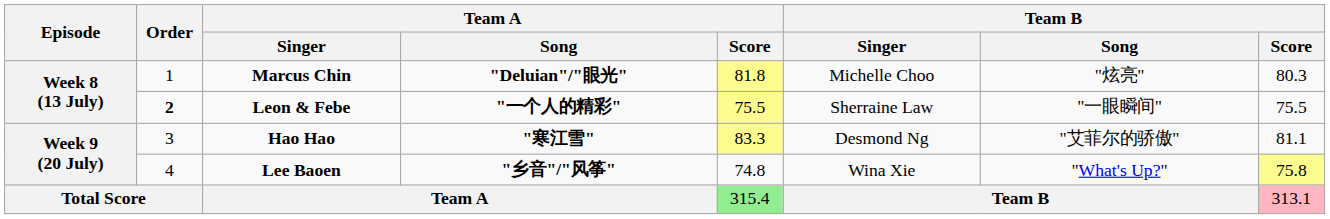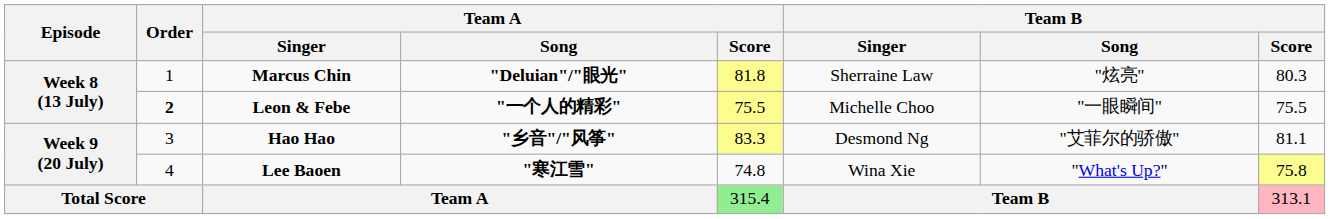 <table class="wikitable" style="text-align: center; width:95%;">
 <tr>
 <th rowspan="2" style="width:10%;">Episode</th>
 <th rowspan="2" style="width:5%;">Order</th>
 <th colspan="3">Team A</th>
 <th colspan="3">Team B</th>
 </tr>
 <tr>
 <th style="width:15%;">Singer</th>
 <th>Song</th>
 <th style="width:5%;">Score</th>
 <th style="width:15%;">Singer</th>
 <th>Song</th>
 <th style="width:5%;">Score</th>
 </tr>
 <tr>
 <th rowspan="2">Week 8<br>(13 July)</th>
 <td>1</td>
 <td><strong>Marcus Chin</strong></td>
 <td><strong>"Deluian"/"眼光"</strong></td>
 <td style="background:#fdfc8f">81.8</td>
-<td>Michelle Choo</td>
+<td>Sherraine Law</td>
 <td>"炫亮"</td>
 <td>80.3</td>
 </tr>
 <tr>
 <td><strong>2</strong></td>
 <td><strong>Leon & Febe</strong></td>
 <td><strong>"一个人的精彩"</strong></td>
 <td style="background:#fdfc8f">75.5</td>
-<td>Sherraine Law</td>
+<td>Michelle Choo</td>
 <td>"一眼瞬间"</td>
 <td>75.5</td>
 </tr>
 <tr>
 <th rowspan="2">Week 9<br>(20 July)</th>
 <td>3</td>
 <td><strong>Hao Hao</strong></td>
-<td><strong>"寒江雪"</strong></td>
+<td><strong>"乡音"/"风筝"</strong></td>
 <td style="background:#fdfc8f">83.3</td>
 <td>Desmond Ng</td>
 <td>"艾菲尔的骄傲"</td>
 <td>81.1</td>
 </tr>
 <tr>
 <td>4</td>
 <td><strong>Lee Baoen</strong></td>
-<td><strong>"乡音"/"风筝"</strong></td>
+<td><strong>"寒江雪"</strong></td>
 <td>74.8</td>
 <td>Wina Xie</td>
 <td>"<a href='#'>What's Up?</a>"</td>
 <td style="background:#fdfc8f">75.8</td>
 </tr>
 <tr>
 <th colspan="2">Total Score</th>
 <th colspan="2">Team A</th>
 <td style="background:lightgreen;">315.4</td>
 <th colspan="2">Team B</th>
 <td style="background:lightpink;">313.1</td>
 </tr>
 </table>
